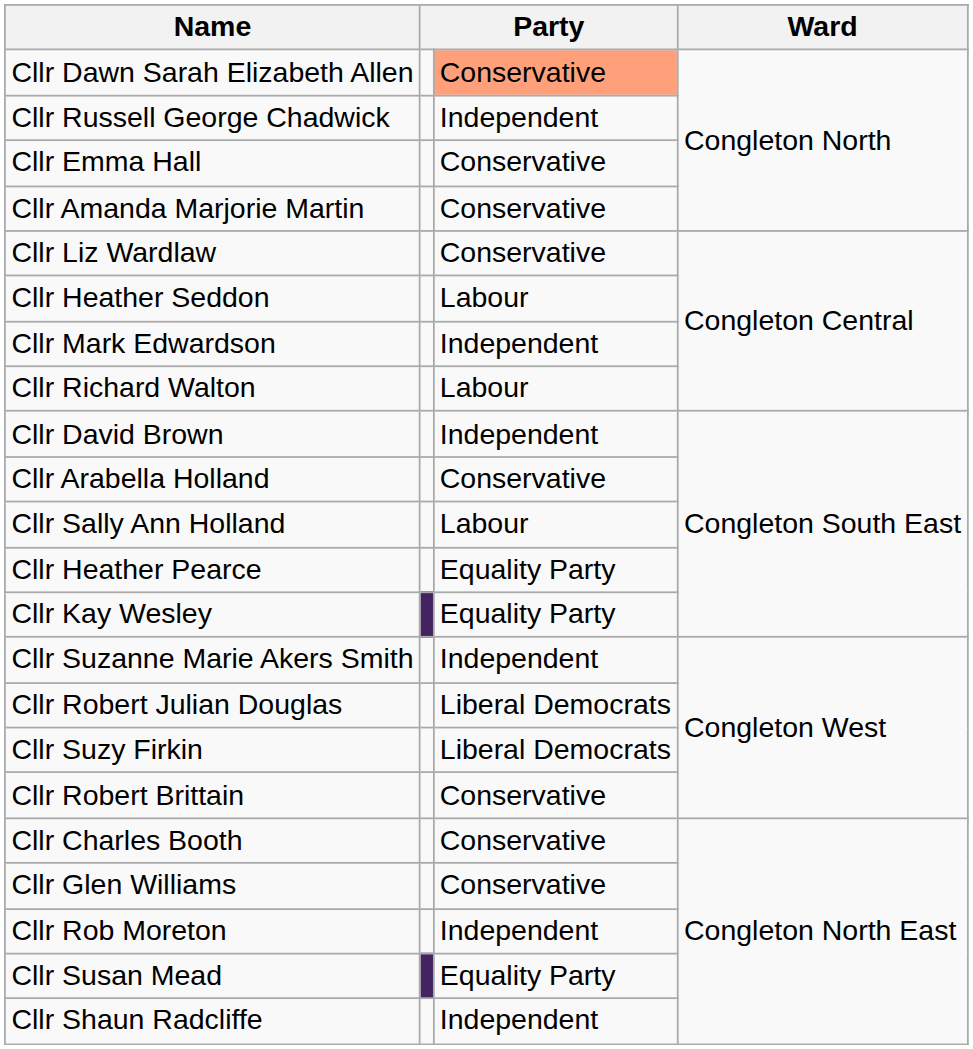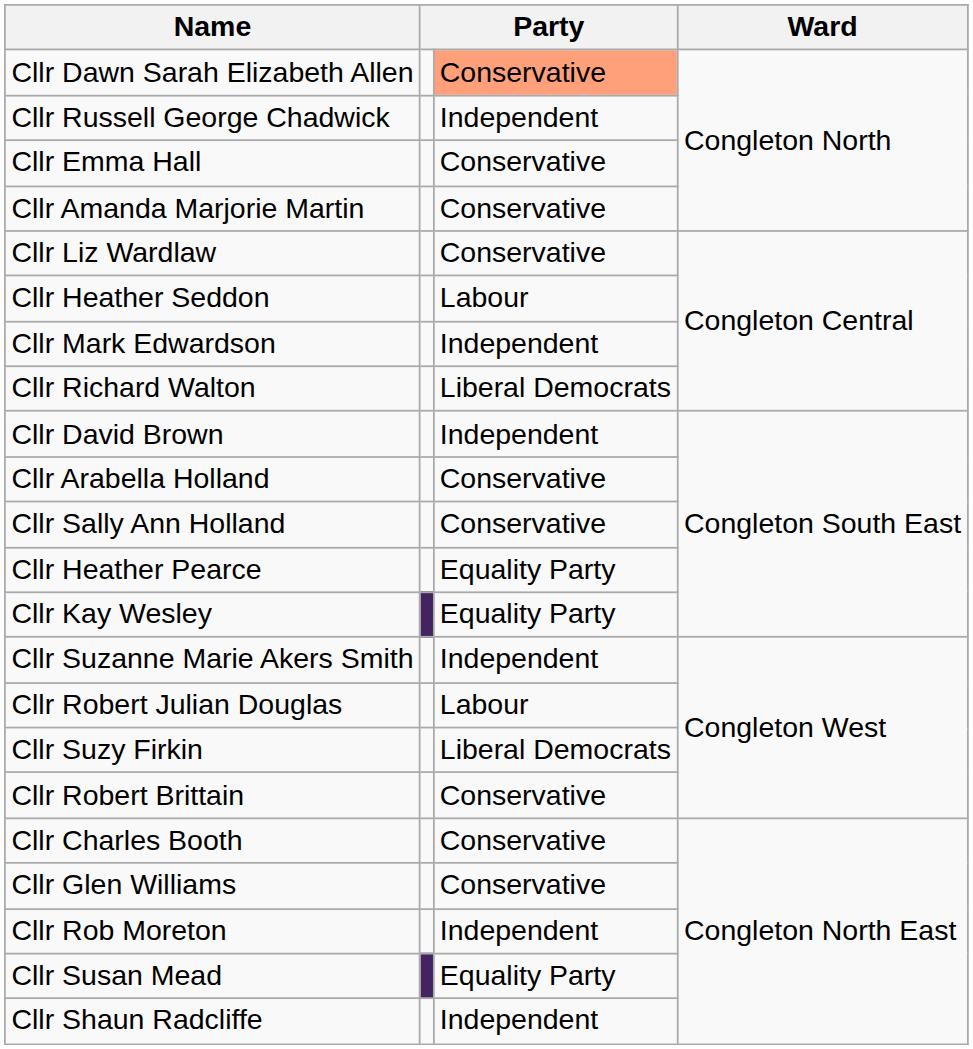 <table class="wikitable">
 <tr>
 <th>Name</th>
 <th colspan="2">Party</th>
 <th>Ward</th>
 </tr>
 <tr>
 <td>Cllr Dawn Sarah Elizabeth Allen</td>
 <td style="color:inherit;background:"></td>
 <td style="background: lightsalmon;">Conservative</td>
 <td rowspan="4">Congleton North</td>
 </tr>
 <tr>
 <td>Cllr Russell George Chadwick</td>
 <td style="color:inherit;background:"></td>
 <td>Independent</td>
 </tr>
 <tr>
 <td>Cllr Emma Hall</td>
 <td style="color:inherit;background:"></td>
 <td>Conservative</td>
 </tr>
 <tr>
 <td>Cllr Amanda Marjorie Martin</td>
 <td style="color:inherit;background:"></td>
 <td>Conservative</td>
 </tr>
 <tr>
 <td>Cllr Liz Wardlaw</td>
 <td style="color:inherit;background:"></td>
 <td>Conservative</td>
 <td rowspan="4">Congleton Central</td>
 </tr>
 <tr>
 <td>Cllr Heather Seddon</td>
 <td style="color:inherit;background:"></td>
 <td>Labour</td>
 </tr>
 <tr>
 <td>Cllr Mark Edwardson</td>
 <td style="color:inherit;background:"></td>
 <td>Independent</td>
 </tr>
 <tr>
 <td>Cllr Richard Walton</td>
 <td style="color:inherit;background:"></td>
-<td>Labour</td>
+<td>Liberal Democrats</td>
 </tr>
 <tr>
 <td>Cllr David Brown</td>
 <td style="color:inherit;background:"></td>
 <td>Independent</td>
 <td rowspan="5">Congleton South East</td>
 </tr>
 <tr>
 <td>Cllr Arabella Holland</td>
 <td style="color:inherit;background:"></td>
 <td>Conservative</td>
 </tr>
 <tr>
 <td>Cllr Sally Ann Holland</td>
 <td style="color:inherit;background:"></td>
-<td>Labour</td>
+<td>Conservative</td>
 </tr>
 <tr>
 <td>Cllr Heather Pearce</td>
 <td style="color:inherit;background:"></td>
 <td>Equality Party</td>
 </tr>
 <tr>
 <td>Cllr Kay Wesley</td>
 <td style="color:inherit;background:#432360"></td>
 <td>Equality Party</td>
 </tr>
 <tr>
 <td>Cllr Suzanne Marie Akers Smith</td>
 <td style="color:inherit;background:"></td>
 <td>Independent</td>
 <td rowspan="4">Congleton West</td>
 </tr>
 <tr>
 <td>Cllr Robert Julian Douglas</td>
 <td style="color:inherit;background:"></td>
-<td>Liberal Democrats</td>
+<td>Labour</td>
 </tr>
 <tr>
 <td>Cllr Suzy Firkin</td>
 <td style="color:inherit;background:"></td>
 <td>Liberal Democrats</td>
 </tr>
 <tr>
 <td>Cllr Robert Brittain</td>
 <td style="color:inherit;background:"></td>
 <td>Conservative</td>
 </tr>
 <tr>
 <td>Cllr Charles Booth</td>
 <td style="color:inherit;background:"></td>
 <td>Conservative</td>
 <td rowspan="5">Congleton North East</td>
 </tr>
 <tr>
 <td>Cllr Glen Williams</td>
 <td style="color:inherit;background:"></td>
 <td>Conservative</td>
 </tr>
 <tr>
 <td>Cllr Rob Moreton</td>
 <td style="color:inherit;background:"></td>
 <td>Independent</td>
 </tr>
 <tr>
 <td>Cllr Susan Mead</td>
 <td style="color:inherit;background:#432360"></td>
 <td>Equality Party</td>
 </tr>
 <tr>
 <td>Cllr Shaun Radcliffe</td>
 <td style="color:inherit;background:"></td>
 <td>Independent</td>
 </tr>
 </table>
